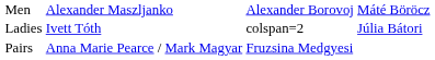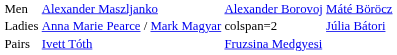 <table>
 <tr>
 <td>Men</td>
 <td><a href='#'>Alexander Maszljanko</a></td>
 <td><a href='#'>Alexander Borovoj</a></td>
 <td><a href='#'>Máté Böröcz</a></td>
 </tr>
 <tr>
 <td>Ladies</td>
-<td><a href='#'>Ivett Tóth</a></td>
+<td><a href='#'>Anna Marie Pearce</a> / <a href='#'>Mark Magyar</a></td>
 <td>colspan=2 </td>
 <td><a href='#'>Júlia Bátori</a></td>
 </tr>
 <tr>
 <td>Pairs</td>
-<td><a href='#'>Anna Marie Pearce</a> / <a href='#'>Mark Magyar</a></td>
+<td><a href='#'>Ivett Tóth</a></td>
 <td><a href='#'>Fruzsina Medgyesi</a></td>
 </tr>
 </table>
